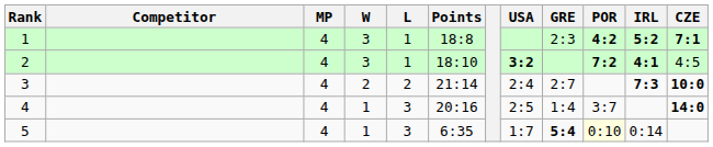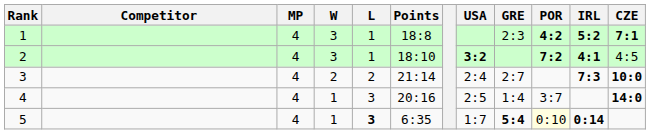 <table class="wikitable" style="text-align:center">
 <tr>
 <th>Rank</th>
 <th style="width:18em">Competitor</th>
 <th style="width:2.5em">MP</th>
 <th style="width:2.5em">W</th>
 <th style="width:2.5em">L</th>
 <th>Points</th>
 <th rowspan="6"> </th>
 <th style="width:2.5em">USA</th>
 <th style="width:2.5em">GRE</th>
 <th style="width:2.5em">POR</th>
 <th style="width:2.5em">IRL</th>
 <th style="width:2.5em">CZE</th>
 </tr>
 <tr style="background:#cfc;">
 <td>1</td>
 <td style="text-align:left"></td>
 <td>4</td>
 <td>3</td>
 <td>1</td>
 <td>18:8</td>
 <td></td>
 <td>2:3</td>
 <td><strong>4:2</strong></td>
 <td><strong>5:2</strong></td>
 <td><strong>7:1</strong></td>
 </tr>
 <tr style="background:#cfc;">
 <td>2</td>
 <td style="text-align:left"></td>
 <td>4</td>
 <td>3</td>
 <td>1</td>
 <td>18:10</td>
 <td><strong>3:2</strong></td>
 <td></td>
 <td><strong>7:2</strong></td>
 <td><strong>4:1</strong></td>
 <td>4:5</td>
 </tr>
 <tr>
 <td>3</td>
 <td style="text-align:left"></td>
 <td>4</td>
 <td>2</td>
 <td>2</td>
 <td>21:14</td>
 <td>2:4</td>
 <td>2:7</td>
 <td></td>
 <td><strong>7:3</strong></td>
 <td><strong>10:0</strong></td>
 </tr>
 <tr>
 <td>4</td>
 <td style="text-align:left"></td>
 <td>4</td>
 <td>1</td>
 <td>3</td>
 <td>20:16</td>
 <td>2:5</td>
 <td>1:4</td>
 <td>3:7</td>
 <td></td>
 <td><strong>14:0</strong></td>
 </tr>
 <tr>
 <td>5</td>
 <td style="text-align:left"></td>
 <td>4</td>
 <td>1</td>
-<td>3</td>
+<td><strong>3</strong></td>
 <td>6:35</td>
 <td>1:7</td>
 <td><strong>5:4</strong></td>
 <td style="background: lightyellow;">0:10</td>
-<td>0:14</td>
+<td><strong>0:14</strong></td>
 <td></td>
 </tr>
 </table>
